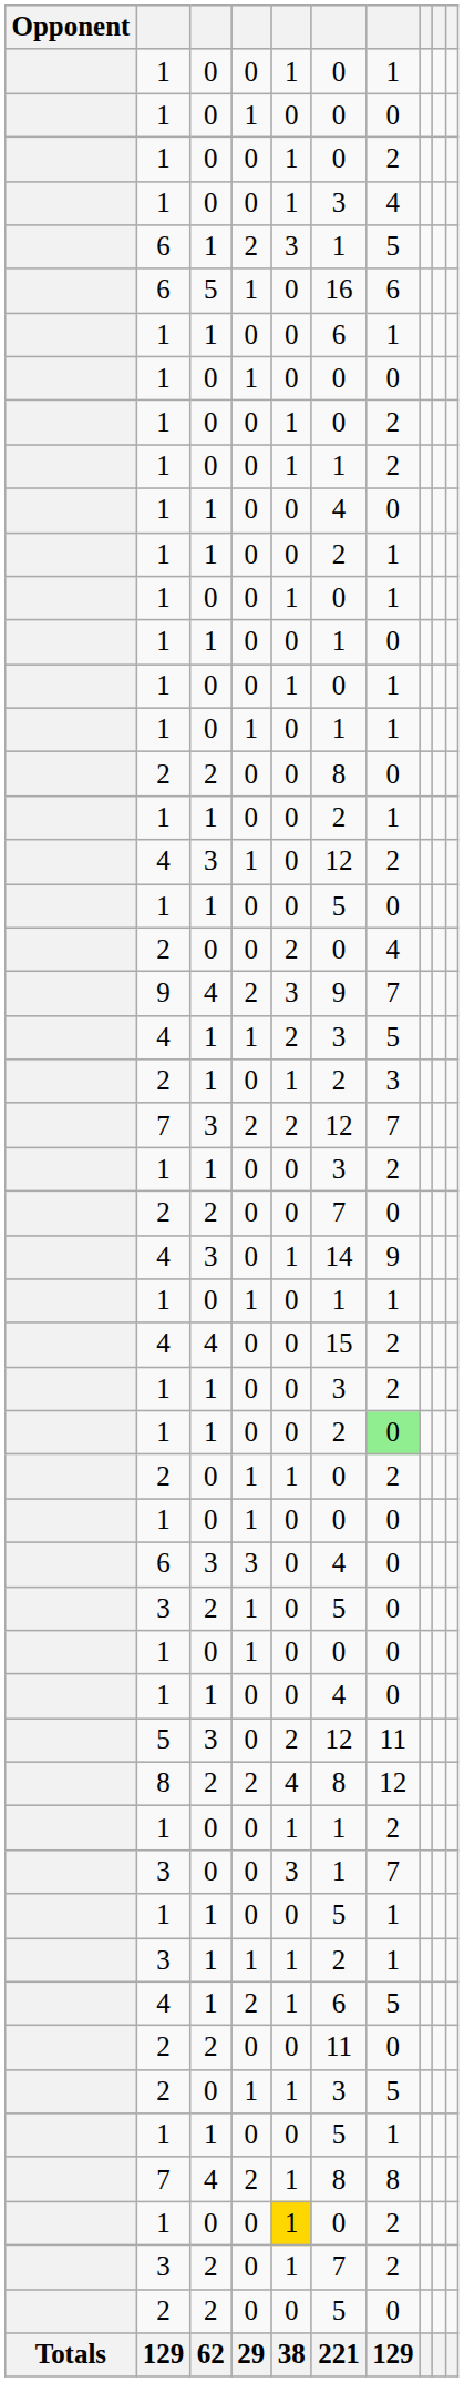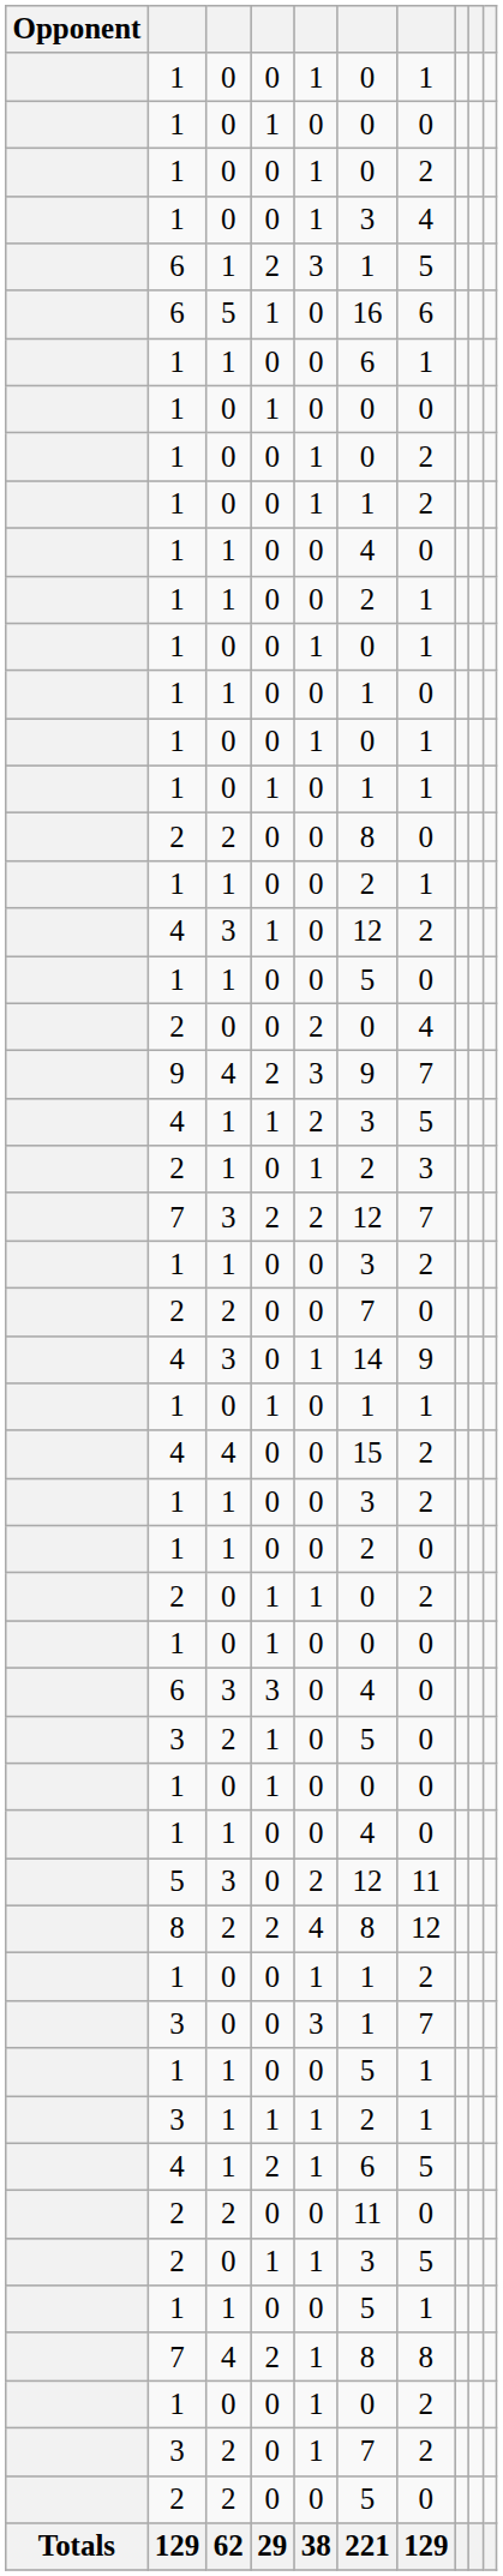 <table class="wikitable plainrowheaders sortable" style="text-align:center">
 <tr>
 <th scope=col>Opponent</th>
 <th scope=col></th>
 <th scope=col></th>
 <th scope=col></th>
 <th scope=col></th>
 <th scope=col></th>
 <th scope=col></th>
 <th scope=col></th>
 <th scope=col></th>
 <th scope=col></th>
 </tr>
 <tr>
 <th scope=row style="text-align:left;"></th>
 <td>1</td>
 <td>0</td>
 <td>0</td>
 <td>1</td>
 <td>0</td>
 <td>1</td>
 <td></td>
 <td></td>
 <td></td>
 </tr>
 <tr>
 <th scope=row style="text-align:left;"></th>
 <td>1</td>
 <td>0</td>
 <td>1</td>
 <td>0</td>
 <td>0</td>
 <td>0</td>
 <td></td>
 <td></td>
 <td></td>
 </tr>
 <tr>
 <th scope=row style="text-align:left;"></th>
 <td>1</td>
 <td>0</td>
 <td>0</td>
 <td>1</td>
 <td>0</td>
 <td>2</td>
 <td></td>
 <td></td>
 <td></td>
 </tr>
 <tr>
 <th scope=row style="text-align:left;"></th>
 <td>1</td>
 <td>0</td>
 <td>0</td>
 <td>1</td>
 <td>3</td>
 <td>4</td>
 <td></td>
 <td></td>
 <td></td>
 </tr>
 <tr>
 <th scope=row style="text-align:left;"></th>
 <td>6</td>
 <td>1</td>
 <td>2</td>
 <td>3</td>
 <td>1</td>
 <td>5</td>
 <td></td>
 <td></td>
 <td></td>
 </tr>
 <tr>
 <th scope=row style="text-align:left;"></th>
 <td>6</td>
 <td>5</td>
 <td>1</td>
 <td>0</td>
 <td>16</td>
 <td>6</td>
 <td></td>
 <td></td>
 <td></td>
 </tr>
 <tr>
 <th scope=row style="text-align:left;"></th>
 <td>1</td>
 <td>1</td>
 <td>0</td>
 <td>0</td>
 <td>6</td>
 <td>1</td>
 <td></td>
 <td></td>
 <td></td>
 </tr>
 <tr>
 <th scope=row style="text-align:left;"></th>
 <td>1</td>
 <td>0</td>
 <td>1</td>
 <td>0</td>
 <td>0</td>
 <td>0</td>
 <td></td>
 <td></td>
 <td></td>
 </tr>
 <tr>
 <th scope=row style="text-align:left;"></th>
 <td>1</td>
 <td>0</td>
 <td>0</td>
 <td>1</td>
 <td>0</td>
 <td>2</td>
 <td></td>
 <td></td>
 <td></td>
 </tr>
 <tr>
 <th scope=row style="text-align:left;"></th>
 <td>1</td>
 <td>0</td>
 <td>0</td>
 <td>1</td>
 <td>1</td>
 <td>2</td>
 <td></td>
 <td></td>
 <td></td>
 </tr>
 <tr>
 <th scope=row style="text-align:left;"></th>
 <td>1</td>
 <td>1</td>
 <td>0</td>
 <td>0</td>
 <td>4</td>
 <td>0</td>
 <td></td>
 <td></td>
 <td></td>
 </tr>
 <tr>
 <th scope=row style="text-align:left;"></th>
 <td>1</td>
 <td>1</td>
 <td>0</td>
 <td>0</td>
 <td>2</td>
 <td>1</td>
 <td></td>
 <td></td>
 <td></td>
 </tr>
 <tr>
 <th scope=row style="text-align:left;"></th>
 <td>1</td>
 <td>0</td>
 <td>0</td>
 <td>1</td>
 <td>0</td>
 <td>1</td>
 <td></td>
 <td></td>
 <td></td>
 </tr>
 <tr>
 <th scope=row style="text-align:left;"></th>
 <td>1</td>
 <td>1</td>
 <td>0</td>
 <td>0</td>
 <td>1</td>
 <td>0</td>
 <td></td>
 <td></td>
 <td></td>
 </tr>
 <tr>
 <th scope=row style="text-align:left;"></th>
 <td>1</td>
 <td>0</td>
 <td>0</td>
 <td>1</td>
 <td>0</td>
 <td>1</td>
 <td></td>
 <td></td>
 <td></td>
 </tr>
 <tr>
 <th scope=row style="text-align:left;"></th>
 <td>1</td>
 <td>0</td>
 <td>1</td>
 <td>0</td>
 <td>1</td>
 <td>1</td>
 <td></td>
 <td></td>
 <td></td>
 </tr>
 <tr>
 <th scope=row style="text-align:left;"></th>
 <td>2</td>
 <td>2</td>
 <td>0</td>
 <td>0</td>
 <td>8</td>
 <td>0</td>
 <td></td>
 <td></td>
 <td></td>
 </tr>
 <tr>
 <th scope=row style="text-align:left;"></th>
 <td>1</td>
 <td>1</td>
 <td>0</td>
 <td>0</td>
 <td>2</td>
 <td>1</td>
 <td></td>
 <td></td>
 <td></td>
 </tr>
 <tr>
 <th scope=row style="text-align:left;"></th>
 <td>4</td>
 <td>3</td>
 <td>1</td>
 <td>0</td>
 <td>12</td>
 <td>2</td>
 <td></td>
 <td></td>
 <td></td>
 </tr>
 <tr>
 <th scope=row style="text-align:left;"></th>
 <td>1</td>
 <td>1</td>
 <td>0</td>
 <td>0</td>
 <td>5</td>
 <td>0</td>
 <td></td>
 <td></td>
 <td></td>
 </tr>
 <tr>
 <th scope=row style="text-align:left;"></th>
 <td>2</td>
 <td>0</td>
 <td>0</td>
 <td>2</td>
 <td>0</td>
 <td>4</td>
 <td></td>
 <td></td>
 <td></td>
 </tr>
 <tr>
 <th scope=row style="text-align:left;"></th>
 <td>9</td>
 <td>4</td>
 <td>2</td>
 <td>3</td>
 <td>9</td>
 <td>7</td>
 <td></td>
 <td></td>
 <td></td>
 </tr>
 <tr>
 <th scope=row style="text-align:left;"></th>
 <td>4</td>
 <td>1</td>
 <td>1</td>
 <td>2</td>
 <td>3</td>
 <td>5</td>
 <td></td>
 <td></td>
 <td></td>
 </tr>
 <tr>
 <th scope=row style="text-align:left;"></th>
 <td>2</td>
 <td>1</td>
 <td>0</td>
 <td>1</td>
 <td>2</td>
 <td>3</td>
 <td></td>
 <td></td>
 <td></td>
 </tr>
 <tr>
 <th scope=row style="text-align:left;"></th>
 <td>7</td>
 <td>3</td>
 <td>2</td>
 <td>2</td>
 <td>12</td>
 <td>7</td>
 <td></td>
 <td></td>
 <td></td>
 </tr>
 <tr>
 <th scope=row style="text-align:left;"></th>
 <td>1</td>
 <td>1</td>
 <td>0</td>
 <td>0</td>
 <td>3</td>
 <td>2</td>
 <td></td>
 <td></td>
 <td></td>
 </tr>
 <tr>
 <th scope=row style="text-align:left;"></th>
 <td>2</td>
 <td>2</td>
 <td>0</td>
 <td>0</td>
 <td>7</td>
 <td>0</td>
 <td></td>
 <td></td>
 <td></td>
 </tr>
 <tr>
 <th scope=row style="text-align:left;"></th>
 <td>4</td>
 <td>3</td>
 <td>0</td>
 <td>1</td>
 <td>14</td>
 <td>9</td>
 <td></td>
 <td></td>
 <td></td>
 </tr>
 <tr>
 <th scope=row style="text-align:left;"></th>
 <td>1</td>
 <td>0</td>
 <td>1</td>
 <td>0</td>
 <td>1</td>
 <td>1</td>
 <td></td>
 <td></td>
 <td></td>
 </tr>
 <tr>
 <th scope=row style="text-align:left;"></th>
 <td>4</td>
 <td>4</td>
 <td>0</td>
 <td>0</td>
 <td>15</td>
 <td>2</td>
 <td></td>
 <td></td>
 <td></td>
 </tr>
 <tr>
 <th scope=row style="text-align:left;"></th>
 <td>1</td>
 <td>1</td>
 <td>0</td>
 <td>0</td>
 <td>3</td>
 <td>2</td>
 <td></td>
 <td></td>
 <td></td>
 </tr>
 <tr>
 <th scope=row style="text-align:left;"></th>
 <td>1</td>
 <td>1</td>
 <td>0</td>
 <td>0</td>
 <td>2</td>
-<td style="background: lightgreen;">0</td>
+<td>0</td>
 <td></td>
 <td></td>
 <td></td>
 </tr>
 <tr>
 <th scope=row style="text-align:left;"></th>
 <td>2</td>
 <td>0</td>
 <td>1</td>
 <td>1</td>
 <td>0</td>
 <td>2</td>
 <td></td>
 <td></td>
 <td></td>
 </tr>
 <tr>
 <th scope=row style="text-align:left;"></th>
 <td>1</td>
 <td>0</td>
 <td>1</td>
 <td>0</td>
 <td>0</td>
 <td>0</td>
 <td></td>
 <td></td>
 <td></td>
 </tr>
 <tr>
 <th scope=row style="text-align:left;"></th>
 <td>6</td>
 <td>3</td>
 <td>3</td>
 <td>0</td>
 <td>4</td>
 <td>0</td>
 <td></td>
 <td></td>
 <td></td>
 </tr>
 <tr>
 <th scope=row style="text-align:left;"></th>
 <td>3</td>
 <td>2</td>
 <td>1</td>
 <td>0</td>
 <td>5</td>
 <td>0</td>
 <td></td>
 <td></td>
 <td></td>
 </tr>
 <tr>
 <th scope=row style="text-align:left;"></th>
 <td>1</td>
 <td>0</td>
 <td>1</td>
 <td>0</td>
 <td>0</td>
 <td>0</td>
 <td></td>
 <td></td>
 <td></td>
 </tr>
 <tr>
 <th scope=row style="text-align:left;"></th>
 <td>1</td>
 <td>1</td>
 <td>0</td>
 <td>0</td>
 <td>4</td>
 <td>0</td>
 <td></td>
 <td></td>
 <td></td>
 </tr>
 <tr>
 <th scope=row style="text-align:left;"></th>
 <td>5</td>
 <td>3</td>
 <td>0</td>
 <td>2</td>
 <td>12</td>
 <td>11</td>
 <td></td>
 <td></td>
 <td></td>
 </tr>
 <tr>
 <th scope=row style="text-align:left;"></th>
 <td>8</td>
 <td>2</td>
 <td>2</td>
 <td>4</td>
 <td>8</td>
 <td>12</td>
 <td></td>
 <td></td>
 <td></td>
 </tr>
 <tr>
 <th scope=row style="text-align:left;"></th>
 <td>1</td>
 <td>0</td>
 <td>0</td>
 <td>1</td>
 <td>1</td>
 <td>2</td>
 <td></td>
 <td></td>
 <td></td>
 </tr>
 <tr>
 <th scope=row style="text-align:left;"></th>
 <td>3</td>
 <td>0</td>
 <td>0</td>
 <td>3</td>
 <td>1</td>
 <td>7</td>
 <td></td>
 <td></td>
 <td></td>
 </tr>
 <tr>
 <th scope=row style="text-align:left;"></th>
 <td>1</td>
 <td>1</td>
 <td>0</td>
 <td>0</td>
 <td>5</td>
 <td>1</td>
 <td></td>
 <td></td>
 <td></td>
 </tr>
 <tr>
 <th scope=row style="text-align:left;"></th>
 <td>3</td>
 <td>1</td>
 <td>1</td>
 <td>1</td>
 <td>2</td>
 <td>1</td>
 <td></td>
 <td></td>
 <td></td>
 </tr>
 <tr>
 <th scope=row style="text-align:left;"></th>
 <td>4</td>
 <td>1</td>
 <td>2</td>
 <td>1</td>
 <td>6</td>
 <td>5</td>
 <td></td>
 <td></td>
 <td></td>
 </tr>
 <tr>
 <th scope=row style="text-align:left;"></th>
 <td>2</td>
 <td>2</td>
 <td>0</td>
 <td>0</td>
 <td>11</td>
 <td>0</td>
 <td></td>
 <td></td>
 <td></td>
 </tr>
 <tr>
 <th scope=row style="text-align:left;"></th>
 <td>2</td>
 <td>0</td>
 <td>1</td>
 <td>1</td>
 <td>3</td>
 <td>5</td>
 <td></td>
 <td></td>
 <td></td>
 </tr>
 <tr>
 <th scope=row style="text-align:left;"></th>
 <td>1</td>
 <td>1</td>
 <td>0</td>
 <td>0</td>
 <td>5</td>
 <td>1</td>
 <td></td>
 <td></td>
 <td></td>
 </tr>
 <tr>
 <th scope=row style="text-align:left;"></th>
 <td>7</td>
 <td>4</td>
 <td>2</td>
 <td>1</td>
 <td>8</td>
 <td>8</td>
 <td></td>
 <td></td>
 <td></td>
 </tr>
 <tr>
 <th scope=row style="text-align:left;"></th>
 <td>1</td>
 <td>0</td>
 <td>0</td>
-<td style="background: gold;">1</td>
+<td>1</td>
 <td>0</td>
 <td>2</td>
 <td></td>
 <td></td>
 <td></td>
 </tr>
 <tr>
 <th scope=row style="text-align:left;"></th>
 <td>3</td>
 <td>2</td>
 <td>0</td>
 <td>1</td>
 <td>7</td>
 <td>2</td>
 <td></td>
 <td></td>
 <td></td>
 </tr>
 <tr>
 <th scope=row style="text-align:left;"></th>
 <td>2</td>
 <td>2</td>
 <td>0</td>
 <td>0</td>
 <td>5</td>
 <td>0</td>
 <td></td>
 <td></td>
 <td></td>
 </tr>
 <tr class="sortbottom">
 <th>Totals</th>
 <th>129</th>
 <th>62</th>
 <th>29</th>
 <th>38</th>
 <th>221</th>
 <th>129</th>
 <th></th>
 <th></th>
 <th></th>
 </tr>
 </table>
